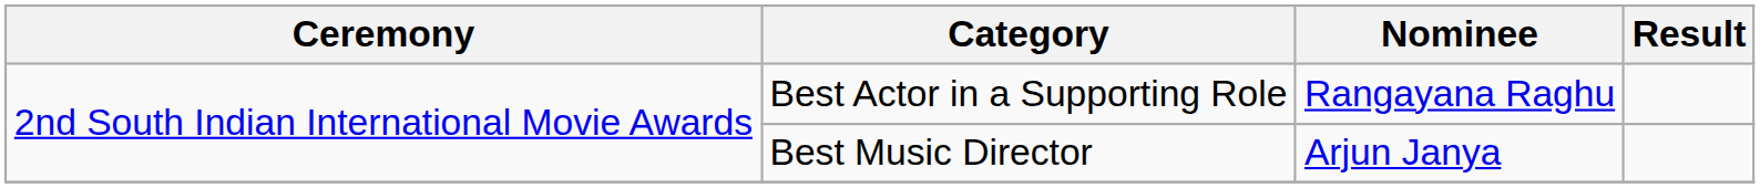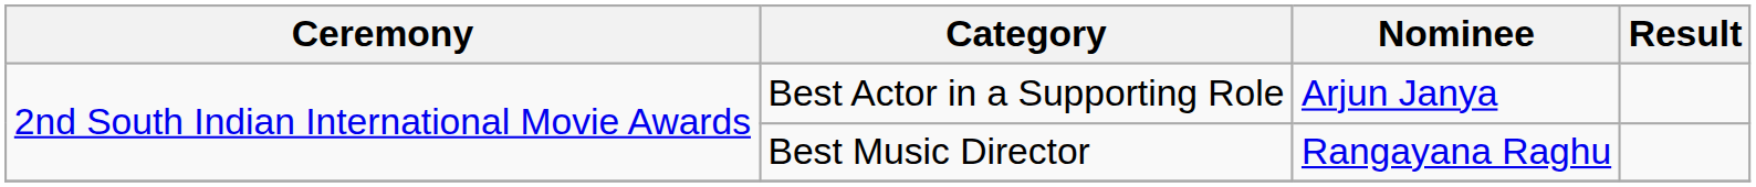 <table class="wikitable">
 <tr>
 <th>Ceremony</th>
 <th>Category</th>
 <th>Nominee</th>
 <th>Result</th>
 </tr>
 <tr>
 <td rowspan="2"><a href='#'>2nd South Indian International Movie Awards</a></td>
 <td>Best Actor in a Supporting Role</td>
-<td><a href='#'>Rangayana Raghu</a></td>
+<td><a href='#'>Arjun Janya</a></td>
 <td></td>
 </tr>
 <tr>
 <td>Best Music Director</td>
-<td><a href='#'>Arjun Janya</a></td>
+<td><a href='#'>Rangayana Raghu</a></td>
 <td></td>
 </tr>
 <tr>
 </tr>
 </table>
